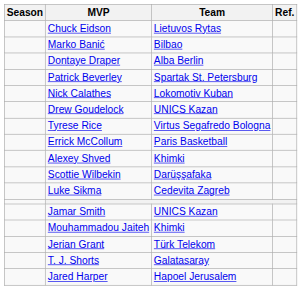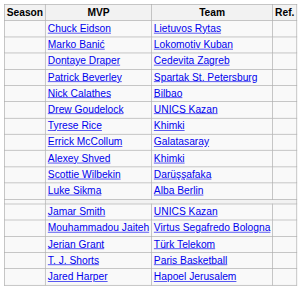 <table class="wikitable sortable">
 <tr>
 <th>Season</th>
 <th>MVP</th>
 <th>Team</th>
 <th>Ref.</th>
 </tr>
 <tr>
 <td></td>
 <td> <a href='#'>Chuck Eidson</a></td>
 <td> <a href='#'>Lietuvos Rytas</a></td>
 <td></td>
 </tr>
 <tr>
 <td></td>
 <td> <a href='#'>Marko Banić</a></td>
-<td> <a href='#'>Bilbao</a></td>
+<td> <a href='#'>Lokomotiv Kuban</a></td>
 <td></td>
 </tr>
 <tr>
 <td></td>
 <td> <a href='#'>Dontaye Draper</a></td>
-<td> <a href='#'>Alba Berlin</a></td>
+<td> <a href='#'>Cedevita Zagreb</a></td>
 <td></td>
 </tr>
 <tr>
 <td></td>
 <td> <a href='#'>Patrick Beverley</a></td>
 <td> <a href='#'>Spartak St. Petersburg</a></td>
 <td></td>
 </tr>
 <tr>
 <td></td>
 <td> <a href='#'>Nick Calathes</a></td>
-<td> <a href='#'>Lokomotiv Kuban</a></td>
+<td> <a href='#'>Bilbao</a></td>
 <td></td>
 </tr>
 <tr>
 <td></td>
 <td> <a href='#'>Drew Goudelock</a></td>
 <td> <a href='#'>UNICS Kazan</a></td>
 <td></td>
 </tr>
 <tr>
 <td></td>
 <td> <a href='#'>Tyrese Rice</a></td>
-<td> <a href='#'>Virtus Segafredo Bologna</a></td>
+<td> <a href='#'>Khimki</a></td>
 <td></td>
 </tr>
 <tr>
 <td></td>
 <td> <a href='#'>Errick McCollum</a></td>
-<td> <a href='#'>Paris Basketball</a></td>
+<td> <a href='#'>Galatasaray</a></td>
 <td></td>
 </tr>
 <tr>
 <td></td>
 <td> <a href='#'>Alexey Shved</a></td>
 <td> <a href='#'>Khimki</a></td>
 <td></td>
 </tr>
 <tr>
 <td></td>
 <td> <a href='#'>Scottie Wilbekin</a> </td>
 <td> <a href='#'>Darüşşafaka</a></td>
 <td></td>
 </tr>
 <tr>
 <td></td>
 <td> <a href='#'>Luke Sikma</a></td>
-<td> <a href='#'>Cedevita Zagreb</a></td>
+<td> <a href='#'>Alba Berlin</a></td>
 <td></td>
 </tr>
 <tr>
 <td></td>
 <th scope="row" colspan=5></th>
 </tr>
 <tr>
 <td></td>
 <td> <a href='#'>Jamar Smith</a></td>
 <td> <a href='#'>UNICS Kazan</a></td>
 <td></td>
 </tr>
 <tr>
 <td></td>
 <td> <a href='#'>Mouhammadou Jaiteh</a></td>
-<td> <a href='#'>Khimki</a></td>
+<td> <a href='#'>Virtus Segafredo Bologna</a></td>
 <td></td>
 </tr>
 <tr>
 <td></td>
 <td> <a href='#'>Jerian Grant</a></td>
 <td> <a href='#'>Türk Telekom</a></td>
 <td></td>
 </tr>
 <tr>
 <td></td>
 <td> <a href='#'>T. J. Shorts</a></td>
-<td> <a href='#'>Galatasaray</a></td>
+<td> <a href='#'>Paris Basketball</a></td>
 <td></td>
 </tr>
 <tr>
 <td></td>
 <td> <a href='#'>Jared Harper</a></td>
 <td> <a href='#'>Hapoel Jerusalem</a></td>
 <td {{center></td>
 </tr>
 </table>
